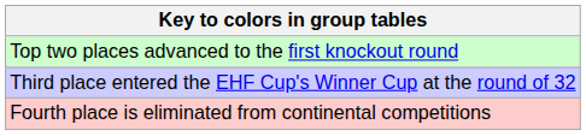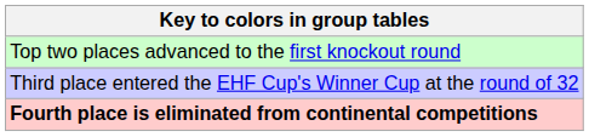 <table class="wikitable">
 <tr>
 <th>Key to colors in group tables</th>
 </tr>
 <tr bgcolor=#ccffcc>
 <td>Top two places advanced to the <a href='#'>first knockout round</a></td>
 </tr>
 <tr bgcolor=#ccccff>
 <td>Third place entered the <a href='#'>EHF Cup's Winner Cup</a> at the <a href='#'>round of 32</a></td>
 </tr>
 <tr bgcolor=#ffcccc>
-<td>Fourth place is eliminated from continental competitions</td>
+<td><strong>Fourth place is eliminated from continental competitions</strong></td>
 </tr>
 </table>
